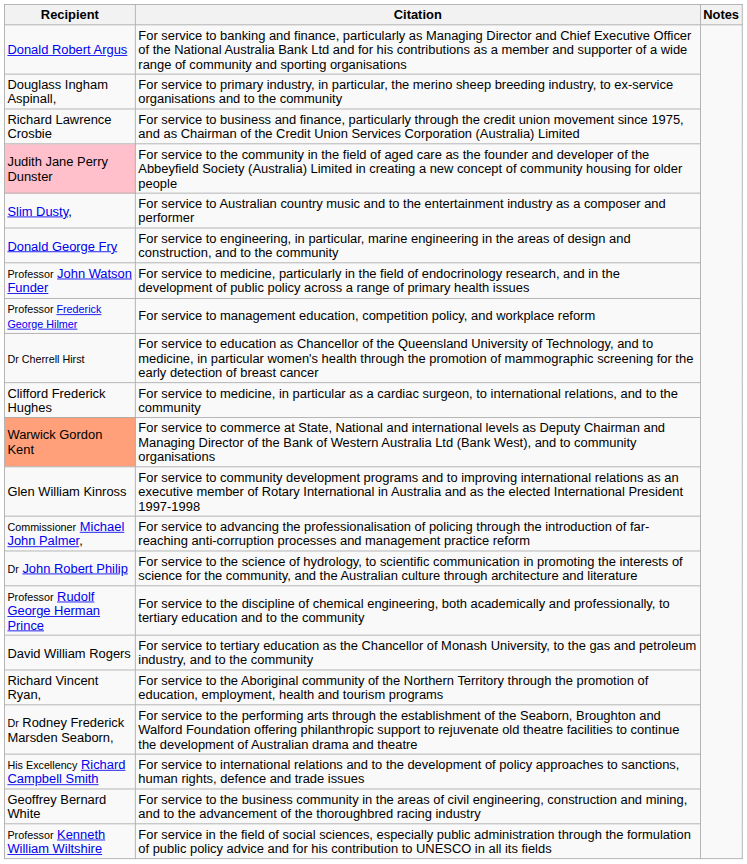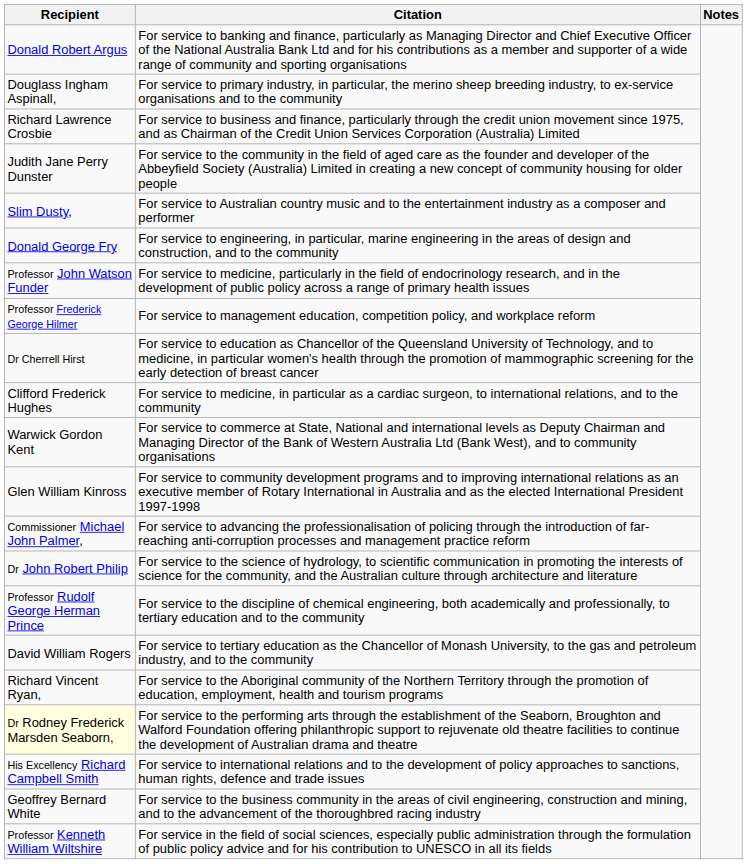 <table class="wikitable" style="font-size:95%;">
 <tr>
 <th>Recipient</th>
 <th>Citation</th>
 <th>Notes</th>
 </tr>
 <tr |->
 <td><a href='#'>Donald Robert Argus</a></td>
 <td>For service to banking and finance, particularly as Managing Director and Chief Executive Officer of the National Australia Bank Ltd and for his contributions as a member and supporter of a wide range of community and sporting organisations</td>
 <td rowspan="22"></td>
 </tr>
 <tr>
 <td>Douglass Ingham Aspinall, </td>
 <td>For service to primary industry, in particular, the merino sheep breeding industry, to ex-service organisations and to the community</td>
 </tr>
 <tr>
 <td>Richard Lawrence Crosbie</td>
 <td>For service to business and finance, particularly through the credit union movement since 1975, and as Chairman of the Credit Union Services Corporation (Australia) Limited</td>
 </tr>
 <tr>
-<td style="background: pink;">Judith Jane Perry Dunster</td>
+<td>Judith Jane Perry Dunster</td>
 <td>For service to the community in the field of aged care as the founder and developer of the Abbeyfield Society (Australia) Limited in creating a new concept of community housing for older people</td>
 </tr>
 <tr>
 <td><a href='#'>Slim Dusty</a>, </td>
 <td>For service to Australian country music and to the entertainment industry as a composer and performer</td>
 </tr>
 <tr>
 <td><a href='#'>Donald George Fry</a></td>
 <td>For service to engineering, in particular, marine engineering in the areas of design and construction, and to the community</td>
 </tr>
 <tr>
 <td><small>Professor</small> <a href='#'>John Watson Funder</a></td>
 <td>For service to medicine, particularly in the field of endocrinology research, and in the development of public policy across a range of primary health issues</td>
 </tr>
 <tr>
 <td><small>Professor <a href='#'>Frederick George Hilmer</a></small></td>
 <td>For service to management education, competition policy, and workplace reform</td>
 </tr>
 <tr>
 <td><small>Dr Cherrell Hirst</small></td>
 <td>For service to education as Chancellor of the Queensland University of Technology, and to medicine, in particular women's health through the promotion of mammographic screening for the early detection of breast cancer</td>
 </tr>
 <tr>
 <td>Clifford Frederick Hughes</td>
 <td>For service to medicine, in particular as a cardiac surgeon, to international relations, and to the community</td>
 </tr>
 <tr>
-<td style="background: lightsalmon;">Warwick Gordon Kent</td>
+<td>Warwick Gordon Kent</td>
 <td>For service to commerce at State, National and international levels as Deputy Chairman and Managing Director of the Bank of Western Australia Ltd (Bank West), and to community organisations</td>
 </tr>
 <tr>
 <td>Glen William Kinross</td>
 <td>For service to community development programs and to improving international relations as an executive member of Rotary International in Australia and as the elected International President 1997-1998</td>
 </tr>
 <tr>
 <td><small>Commissioner</small> <a href='#'>Michael John Palmer</a>, </td>
 <td>For service to advancing the professionalisation of policing through the introduction of far-reaching anti-corruption processes and management practice reform</td>
 </tr>
 <tr>
 <td><small>Dr</small> <a href='#'>John Robert Philip</a></td>
 <td>For service to the science of hydrology, to scientific communication in promoting the interests of science for the community, and the Australian culture through architecture and literature</td>
 </tr>
 <tr>
 <td><small>Professor</small> <a href='#'>Rudolf George Herman Prince</a></td>
 <td>For service to the discipline of chemical engineering, both academically and professionally, to tertiary education and to the community</td>
 </tr>
 <tr>
 <td>David William Rogers</td>
 <td>For service to tertiary education as the Chancellor of Monash University, to the gas and petroleum industry, and to the community</td>
 </tr>
 <tr>
 <td>Richard Vincent Ryan, </td>
 <td>For service to the Aboriginal community of the Northern Territory through the promotion of education, employment, health and tourism programs</td>
 </tr>
 <tr>
-<td><small>Dr</small> Rodney Frederick Marsden Seaborn, </td>
+<td style="background: lightyellow;"><small>Dr</small> Rodney Frederick Marsden Seaborn, </td>
 <td>For service to the performing arts through the establishment of the Seaborn, Broughton and Walford Foundation offering philanthropic support to rejuvenate old theatre facilities to continue the development of Australian drama and theatre</td>
 </tr>
 <tr>
 <td><small>His Excellency</small> <a href='#'>Richard Campbell Smith</a></td>
 <td>For service to international relations and to the development of policy approaches to sanctions, human rights, defence and trade issues</td>
 </tr>
 <tr>
 <td>Geoffrey Bernard White</td>
 <td>For service to the business community in the areas of civil engineering, construction and mining, and to the advancement of the thoroughbred racing industry</td>
 </tr>
 <tr>
 <td><small>Professor</small> <a href='#'>Kenneth William Wiltshire</a></td>
 <td>For service in the field of social sciences, especially public administration through the formulation of public policy advice and for his contribution to UNESCO in all its fields</td>
 </tr>
 </table>
